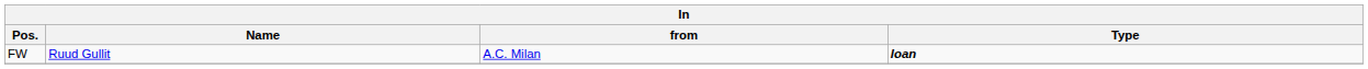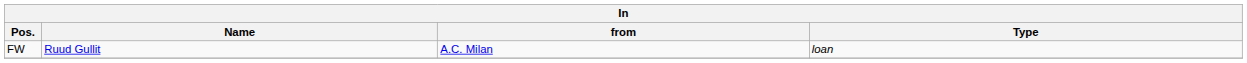 <table class="wikitable" style="font-size:90%;width:99%;">
 <tr>
 <th colspan="4">In</th>
 </tr>
 <tr>
 <th width=3%>Pos.</th>
 <th width=32%>Name</th>
 <th width=30%>from</th>
 <th width=35%>Type</th>
 </tr>
 <tr>
 <td>FW</td>
 <td><a href='#'>Ruud Gullit</a></td>
 <td><a href='#'>A.C. Milan</a></td>
-<td><strong><em>loan</em></strong></td>
+<td><em>loan</em></td>
 </tr>
 <tr>
 </tr>
 </table>
